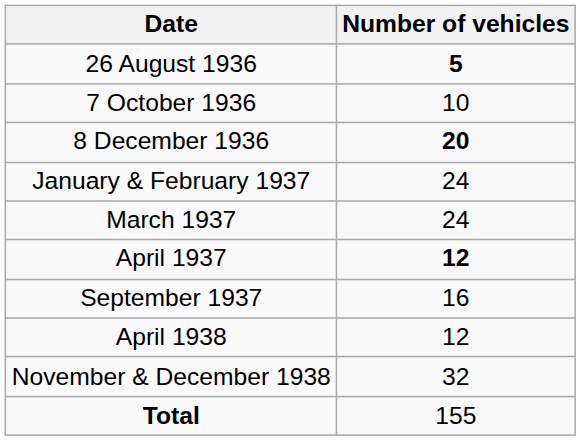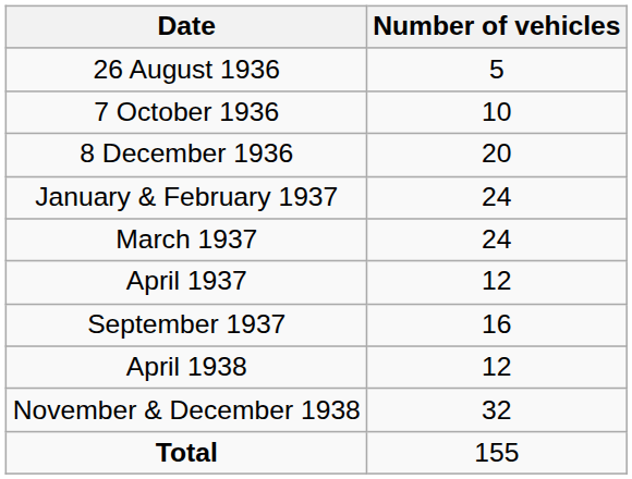 <table class="wikitable" style="float: right; margin-left: 1em; margin-bottom: 1em; text-align: center;" summary="Summary of CV-33/35s sent to Spain between 1936 and 1939">
 <tr>
 <th style="text-align:center;">Date</th>
 <th style="text-align:left;">Number of vehicles</th>
 </tr>
 <tr>
 <td>26 August 1936</td>
-<td><strong>5</strong></td>
+<td>5</td>
 </tr>
 <tr>
 <td>7 October 1936</td>
 <td>10</td>
 </tr>
 <tr>
 <td>8 December 1936</td>
-<td><strong>20</strong></td>
+<td>20</td>
 </tr>
 <tr>
 <td>January & February 1937</td>
 <td>24</td>
 </tr>
 <tr>
 <td>March 1937</td>
 <td>24</td>
 </tr>
 <tr>
 <td>April 1937</td>
-<td><strong>12</strong></td>
+<td>12</td>
 </tr>
 <tr>
 <td>September 1937</td>
 <td>16</td>
 </tr>
 <tr>
 <td>April 1938</td>
 <td>12</td>
 </tr>
 <tr>
 <td>November & December 1938</td>
 <td>32</td>
 </tr>
 <tr>
 <td><strong>Total</strong></td>
 <td>155</td>
 </tr>
 </table>
